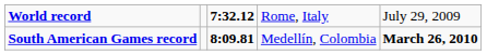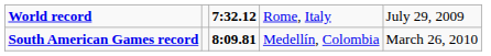 <table class="wikitable">
 <tr>
 <td><strong><a href='#'>World record</a></strong></td>
 <td></td>
 <td><strong>7:32.12</strong></td>
 <td><a href='#'>Rome</a>, <a href='#'>Italy</a></td>
 <td>July 29, 2009</td>
 </tr>
 <tr>
 <td><strong><a href='#'>South American Games record</a></strong></td>
 <td></td>
 <td><strong>8:09.81</strong></td>
 <td><a href='#'>Medellín</a>, <a href='#'>Colombia</a></td>
-<td><strong>March 26, 2010</strong></td>
+<td>March 26, 2010</td>
 </tr>
 </table>
